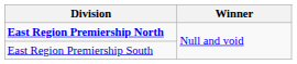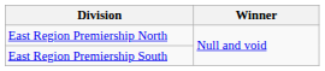 <table class="wikitable">
 <tr>
 <th width=230>Division</th>
 <th width=150>Winner</th>
 </tr>
 <tr>
-<td><strong><a href='#'>East Region Premiership North</a></strong></td>
+<td><a href='#'>East Region Premiership North</a></td>
 <td rowspan="2"><a href='#'>Null and void</a></td>
 </tr>
 <tr>
 <td><a href='#'>East Region Premiership South</a></td>
 </tr>
 </table>
